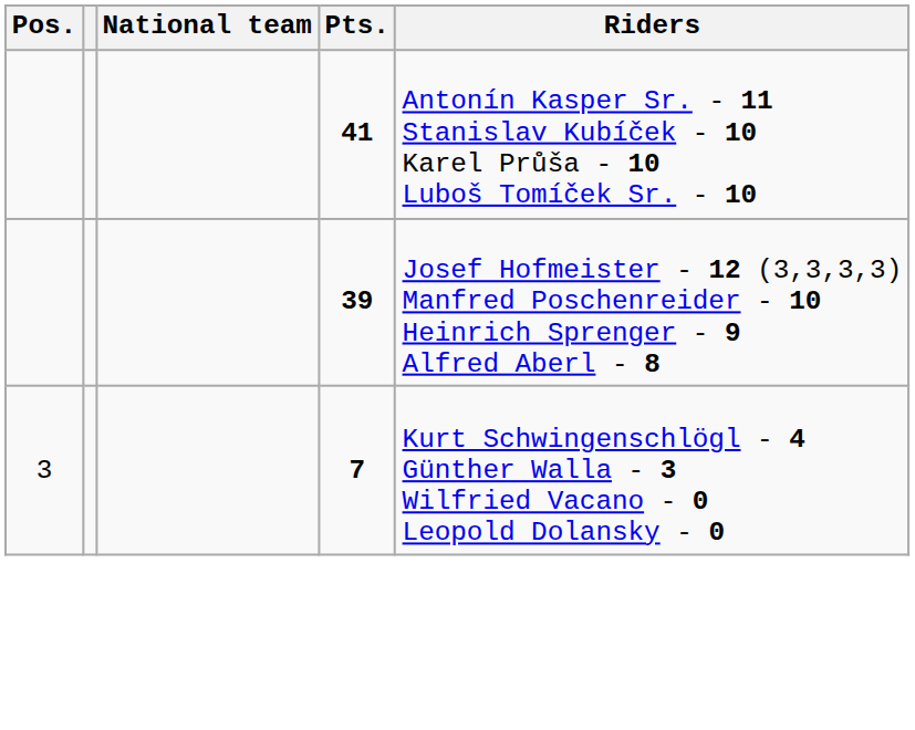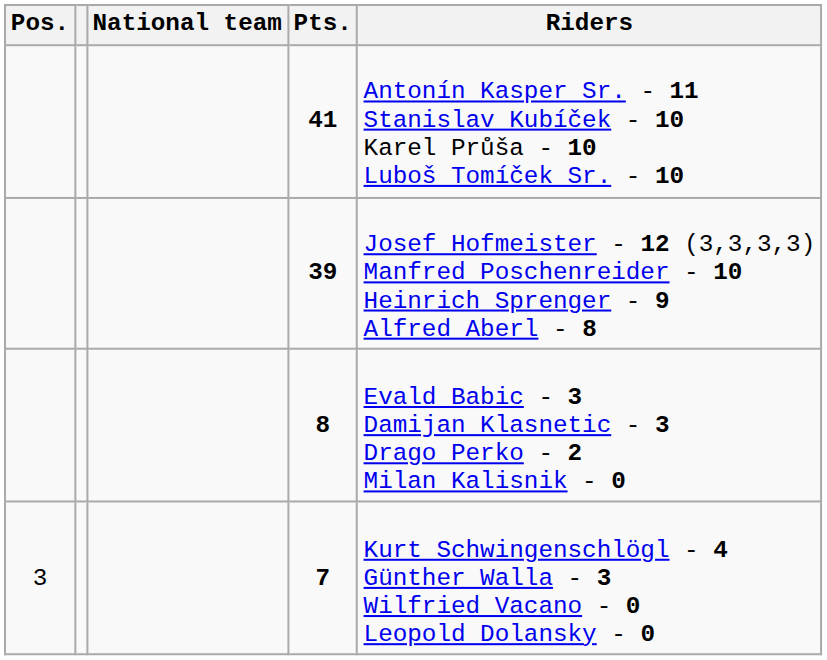 <table class=wikitable style="font-size:93%;">
 <tr>
 <th>Pos.</th>
 <th></th>
 <th>National team</th>
 <th>Pts.</th>
 <th>Riders</th>
 </tr>
 <tr align=center >
 <td></td>
 <td></td>
 <td align=left></td>
 <td><strong>41</strong></td>
 <td align=left><br><a href='#'>Antonín Kasper Sr.</a> - <strong>11</strong> <br> <a href='#'>Stanislav Kubíček</a> - <strong>10</strong> <br> Karel Průša - <strong>10</strong> <br> <a href='#'>Luboš Tomíček Sr.</a> - <strong>10</strong> <br></td>
 </tr>
 <tr align=center >
 <td></td>
 <td></td>
 <td align=left></td>
 <td><strong>39</strong></td>
 <td align=left><br><a href='#'>Josef Hofmeister</a> - <strong>12</strong> (3,3,3,3) <br> <a href='#'>Manfred Poschenreider</a> - <strong>10</strong> <br> <a href='#'>Heinrich Sprenger</a> - <strong>9</strong> <br> <a href='#'>Alfred Aberl</a> - <strong>8</strong> <br></td>
 </tr>
+<tr align=center >
+<td></td>
+<td></td>
+<td align=left></td>
+<td><strong>8</strong></td>
+<td align=left><br><a href='#'>Evald Babic</a> - <strong>3</strong> <br> <a href='#'>Damijan Klasnetic</a> - <strong>3</strong> <br> <a href='#'>Drago Perko</a> - <strong>2</strong> <br> <a href='#'>Milan Kalisnik</a> - <strong>0</strong> <br></td>
+</tr>
 <tr align=center>
 <td>3</td>
 <td></td>
 <td align=left></td>
 <td><strong>7</strong></td>
 <td align=left><br><a href='#'>Kurt Schwingenschlögl</a> - <strong>4</strong> <br> <a href='#'>Günther Walla</a> - <strong>3</strong> <br> <a href='#'>Wilfried Vacano</a> - <strong>0</strong> <br> <a href='#'>Leopold Dolansky</a> - <strong>0</strong> <br></td>
 </tr>
 </table>
